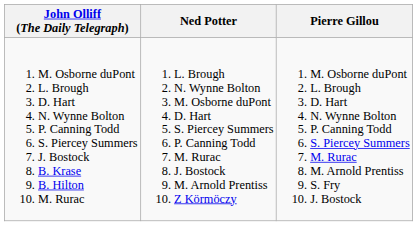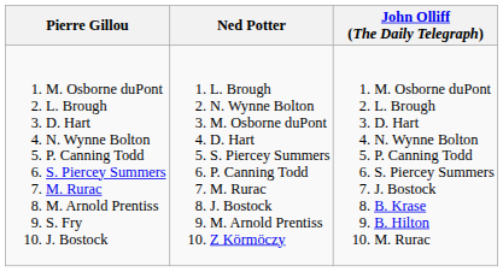 <table class="wikitable">
 <tr>
+<th>Pierre Gillou</th>
+<th>Ned Potter</th>
 <th><a href='#'>John Olliff</a><br>(<em>The Daily Telegraph</em>)</th>
-<th>Ned Potter</th>
-<th>Pierre Gillou</th>
 </tr>
 <tr style="vertical-align: top;">
+<td style="white-space: nowrap;"><br><ol><li> M. Osborne duPont</li><li> L. Brough</li><li> D. Hart</li><li> N. Wynne Bolton</li><li> P. Canning Todd</li><li> <a href='#'>S. Piercey Summers</a></li><li> <a href='#'>M. Rurac</a></li><li> M. Arnold Prentiss</li><li> S. Fry</li><li> J. Bostock</li></ol></td>
+<td style="white-space: nowrap;"><br><ol><li> L. Brough</li><li> N. Wynne Bolton</li><li> M. Osborne duPont</li><li> D. Hart</li><li> S. Piercey Summers</li><li> P. Canning Todd</li><li> M. Rurac</li><li> J. Bostock</li><li> M. Arnold Prentiss</li><li> <a href='#'>Z Körmöczy</a></li></ol></td>
 <td style="white-space: nowrap;"><br><ol><li> M. Osborne duPont</li><li> L. Brough</li><li> D. Hart</li><li> N. Wynne Bolton</li><li> P. Canning Todd</li><li> S. Piercey Summers</li><li> J. Bostock</li><li> <a href='#'>B. Krase</a></li><li> <a href='#'>B. Hilton</a></li><li> M. Rurac</li></ol></td>
-<td style="white-space: nowrap;"><br><ol><li> L. Brough</li><li> N. Wynne Bolton</li><li> M. Osborne duPont</li><li> D. Hart</li><li> S. Piercey Summers</li><li> P. Canning Todd</li><li> M. Rurac</li><li> J. Bostock</li><li> M. Arnold Prentiss</li><li> <a href='#'>Z Körmöczy</a></li></ol></td>
-<td style="white-space: nowrap;"><br><ol><li> M. Osborne duPont</li><li> L. Brough</li><li> D. Hart</li><li> N. Wynne Bolton</li><li> P. Canning Todd</li><li> <a href='#'>S. Piercey Summers</a></li><li> <a href='#'>M. Rurac</a></li><li> M. Arnold Prentiss</li><li> S. Fry</li><li> J. Bostock</li></ol></td>
 </tr>
 </table>
